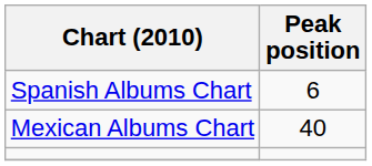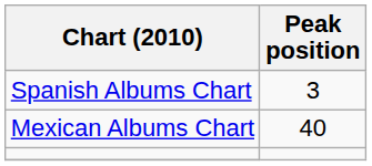 <table class="wikitable sortable">
 <tr>
 <th align="left">Chart (2010)</th>
 <th align="left">Peak<br>position</th>
 </tr>
 <tr>
 <td><a href='#'>Spanish Albums Chart</a></td>
-<td align="center">6</td>
+<td align="center">3</td>
 </tr>
 <tr>
 <td><a href='#'>Mexican Albums Chart</a></td>
 <td align="center">40</td>
 </tr>
 <tr>
 <td></td>
 </tr>
 <tr>
 </tr>
 </table>
